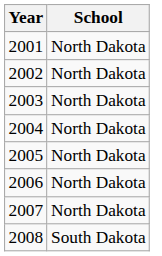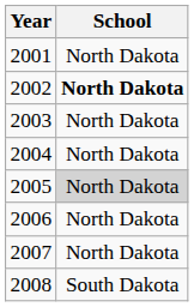 <table class="wikitable" style="text-align:center">
 <tr>
 <th>Year</th>
 <th>School</th>
 </tr>
 <tr>
 <td>2001</td>
 <td>North Dakota</td>
 </tr>
 <tr>
 <td>2002</td>
-<td>North Dakota</td>
+<td><strong>North Dakota</strong></td>
 </tr>
 <tr>
 <td>2003</td>
 <td>North Dakota</td>
 </tr>
 <tr>
 <td>2004</td>
 <td>North Dakota</td>
 </tr>
 <tr>
 <td>2005</td>
-<td>North Dakota</td>
+<td style="background: lightgrey;">North Dakota</td>
 </tr>
 <tr>
 <td>2006</td>
 <td>North Dakota</td>
 </tr>
 <tr>
 <td>2007</td>
 <td>North Dakota</td>
 </tr>
 <tr>
 <td>2008</td>
 <td>South Dakota</td>
 </tr>
 </table>
